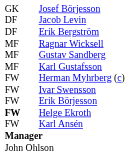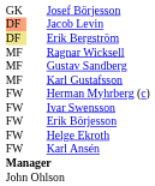 <table style="font-size:90%; margin:0.2em auto;" cellspacing="0" cellpadding="0">
 <tr>
 <th width="25"></th>
 <th width="25"></th>
 </tr>
 <tr>
 <td>GK</td>
 <td></td>
 <td><a href='#'>Josef Börjesson</a></td>
 </tr>
 <tr>
-<td>DF</td>
+<td style="background: lightsalmon;">DF</td>
 <td></td>
 <td><a href='#'>Jacob Levin</a></td>
 </tr>
 <tr>
-<td>DF</td>
+<td style="background: khaki;">DF</td>
 <td></td>
 <td><a href='#'>Erik Bergström</a></td>
 </tr>
 <tr>
 <td>MF</td>
 <td></td>
 <td><a href='#'>Ragnar Wicksell</a></td>
 </tr>
 <tr>
 <td>MF</td>
 <td></td>
 <td><a href='#'>Gustav Sandberg</a></td>
 </tr>
 <tr>
 <td>MF</td>
 <td></td>
 <td><a href='#'>Karl Gustafsson</a></td>
 </tr>
 <tr>
 <td>FW</td>
 <td></td>
 <td><a href='#'>Herman Myhrberg</a> (<a href='#'>c</a>)</td>
 </tr>
 <tr>
 <td>FW</td>
 <td></td>
 <td><a href='#'>Ivar Swensson</a></td>
 </tr>
 <tr>
 <td>FW</td>
 <td></td>
 <td><a href='#'>Erik Börjesson</a></td>
 </tr>
 <tr>
-<td><strong>FW</strong></td>
+<td>FW</td>
 <td></td>
 <td><a href='#'>Helge Ekroth</a></td>
 </tr>
 <tr>
 <td>FW</td>
 <td></td>
 <td><a href='#'>Karl Ansén</a></td>
 </tr>
 <tr>
 <td colspan=3><strong>Manager</strong></td>
 </tr>
 <tr>
 <td colspan=4> John Ohlson</td>
 </tr>
 </table>
